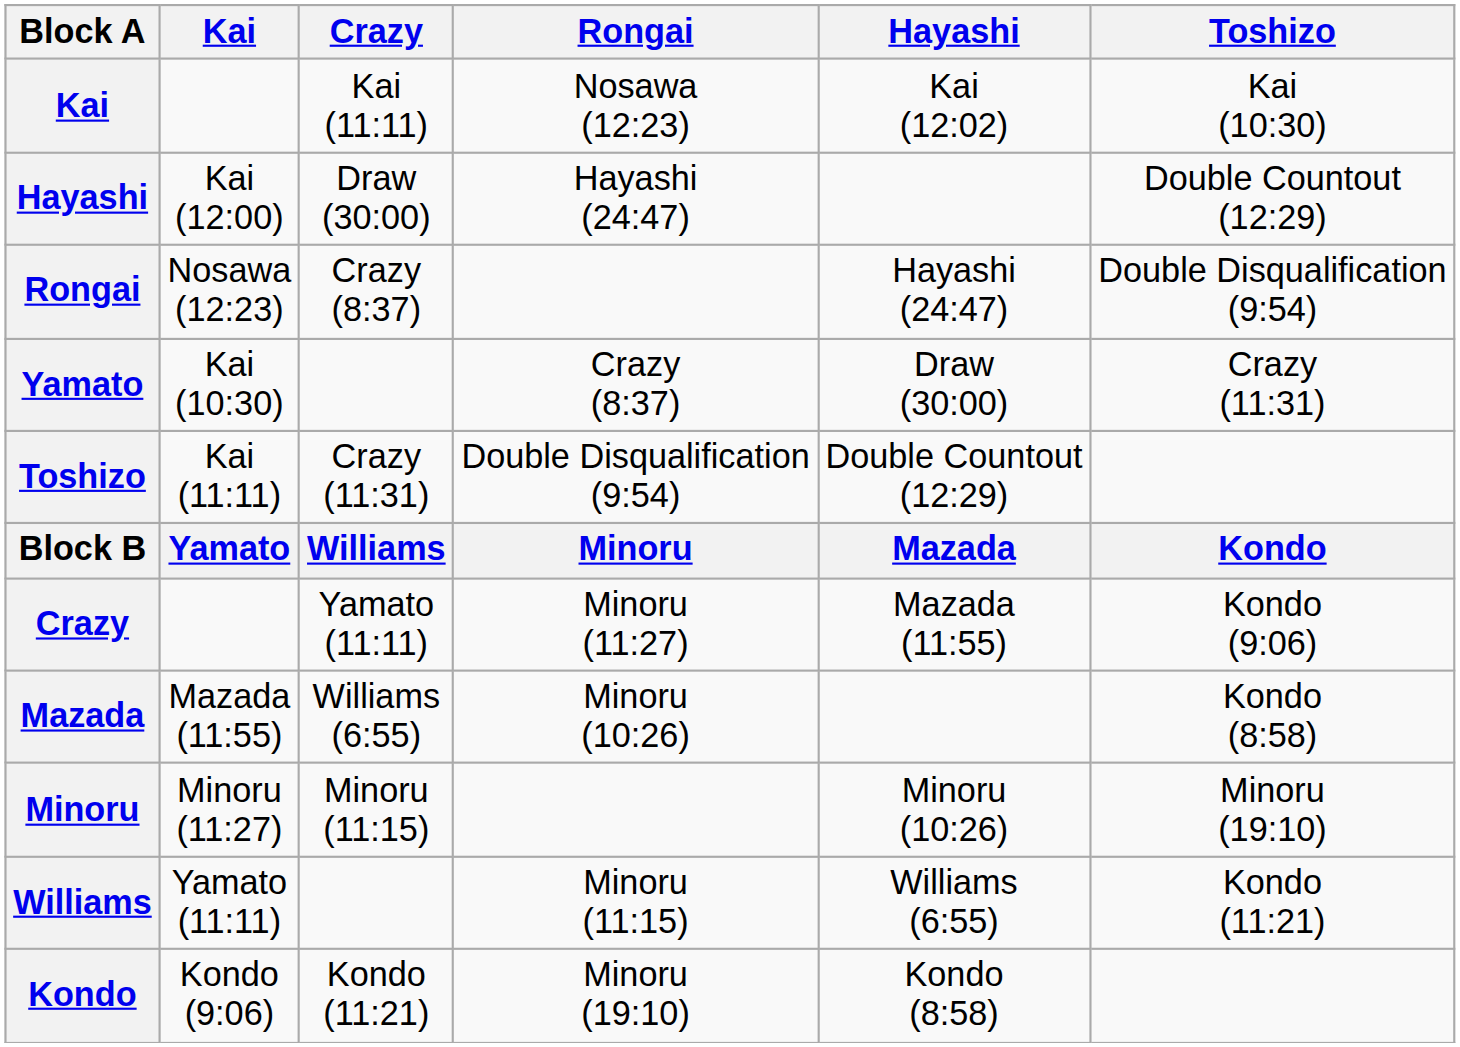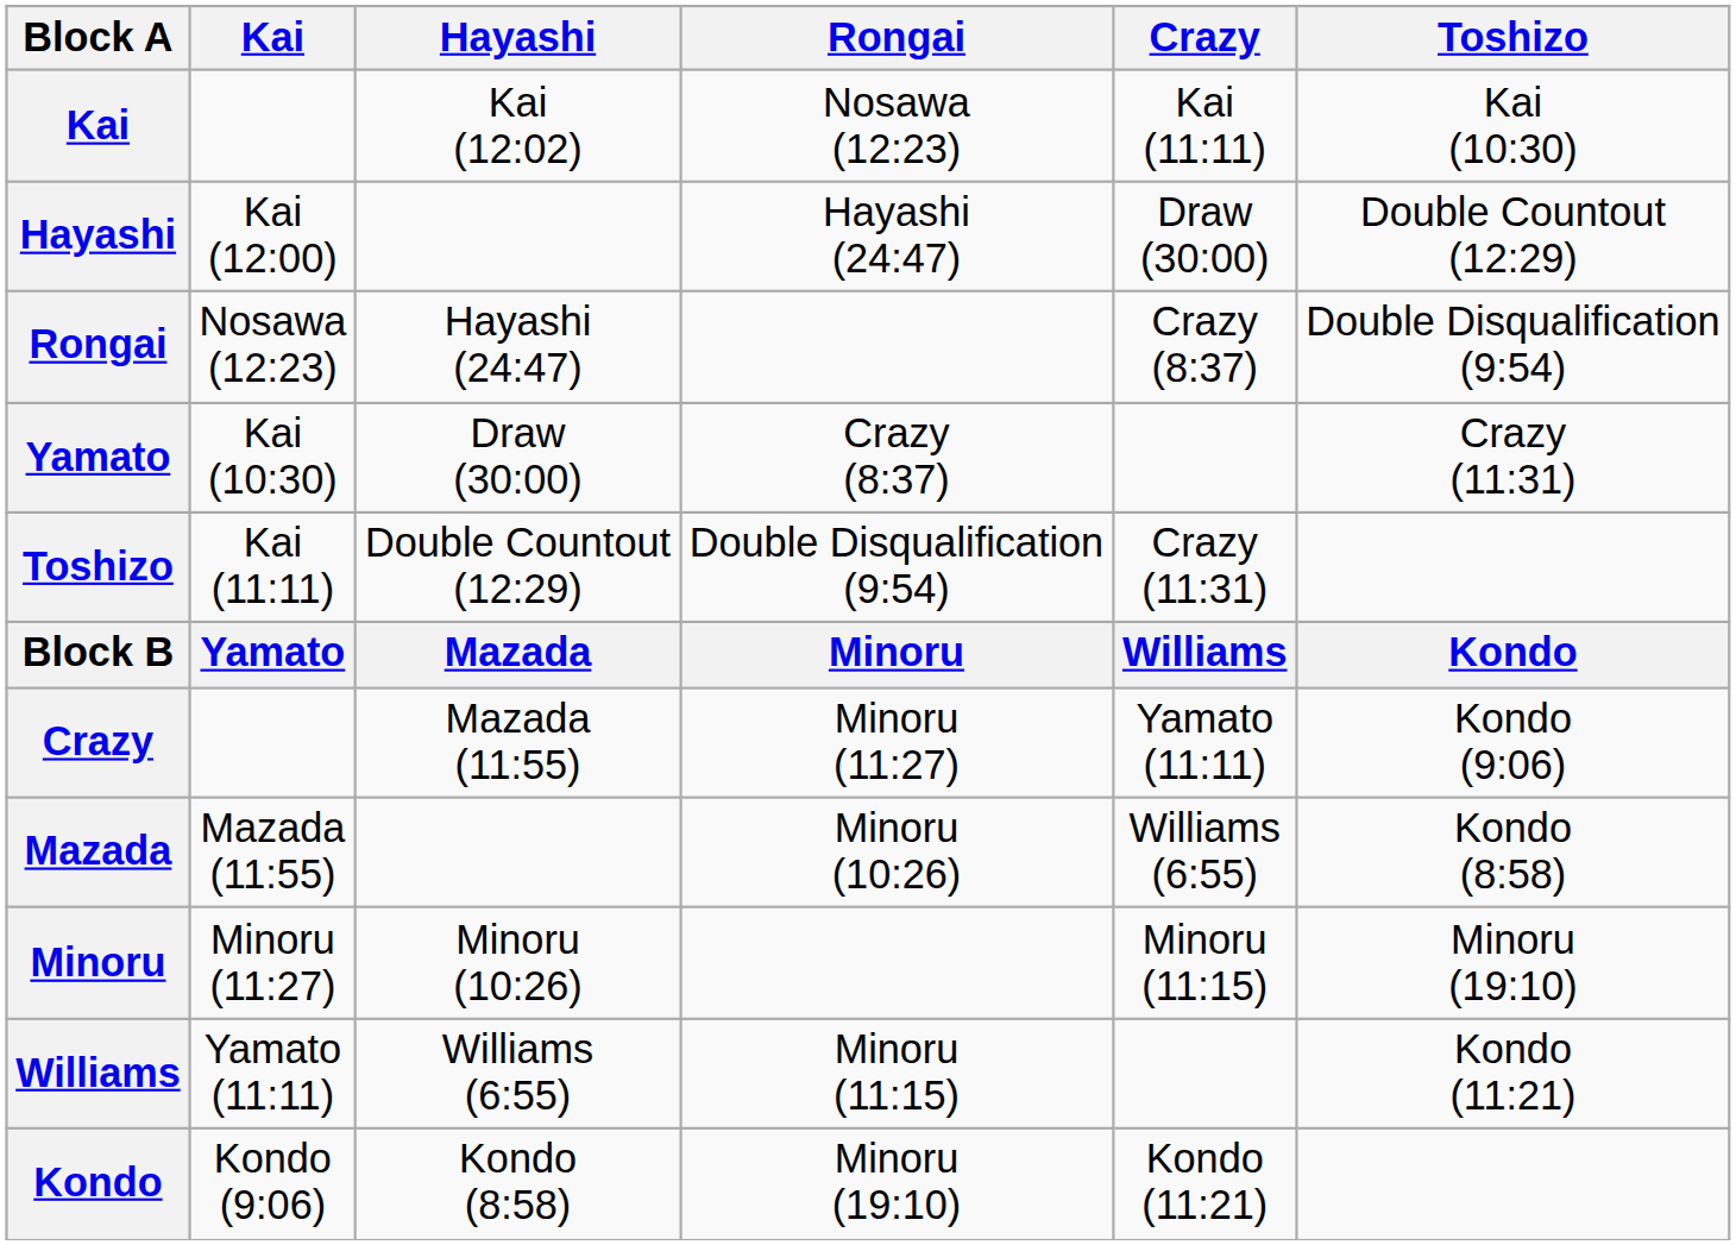 <table class="wikitable" style="margin: 1em auto 1em auto;text-align:center">
 <tr>
 <th>Block A</th>
 <th><a href='#'>Kai</a></th>
+<th><a href='#'>Hayashi</a></th>
+<th><a href='#'>Rongai</a></th>
 <th><a href='#'>Crazy</a></th>
-<th><a href='#'>Rongai</a></th>
-<th><a href='#'>Hayashi</a></th>
 <th><a href='#'>Toshizo</a></th>
 </tr>
 <tr>
 <th><a href='#'>Kai</a></th>
 <td></td>
+<td>Kai<br>(12:02)</td>
+<td>Nosawa<br>(12:23)</td>
 <td>Kai<br>(11:11)</td>
-<td>Nosawa<br>(12:23)</td>
-<td>Kai<br>(12:02)</td>
 <td>Kai<br>(10:30)</td>
 </tr>
 <tr>
 <th><a href='#'>Hayashi</a></th>
 <td>Kai<br>(12:00)</td>
+<td></td>
+<td>Hayashi<br>(24:47)</td>
 <td>Draw<br>(30:00)</td>
-<td>Hayashi<br>(24:47)</td>
-<td></td>
 <td>Double Countout<br>(12:29)</td>
 </tr>
 <tr>
 <th><a href='#'>Rongai</a></th>
 <td>Nosawa<br>(12:23)</td>
+<td>Hayashi<br>(24:47)</td>
+<td></td>
 <td>Crazy<br>(8:37)</td>
-<td></td>
-<td>Hayashi<br>(24:47)</td>
 <td>Double Disqualification<br>(9:54)</td>
 </tr>
 <tr>
 <th><a href='#'>Yamato</a></th>
 <td>Kai<br>(10:30)</td>
+<td>Draw<br>(30:00)</td>
+<td>Crazy<br>(8:37)</td>
 <td></td>
-<td>Crazy<br>(8:37)</td>
-<td>Draw<br>(30:00)</td>
 <td>Crazy<br>(11:31)</td>
 </tr>
 <tr>
 <th><a href='#'>Toshizo</a></th>
 <td>Kai<br>(11:11)</td>
+<td>Double Countout<br>(12:29)</td>
+<td>Double Disqualification<br>(9:54)</td>
 <td>Crazy<br>(11:31)</td>
-<td>Double Disqualification<br>(9:54)</td>
-<td>Double Countout<br>(12:29)</td>
 <td></td>
 </tr>
 <tr>
 <th>Block B</th>
 <th><a href='#'>Yamato</a></th>
+<th><a href='#'>Mazada</a></th>
+<th><a href='#'>Minoru</a></th>
 <th><a href='#'>Williams</a></th>
-<th><a href='#'>Minoru</a></th>
-<th><a href='#'>Mazada</a></th>
 <th><a href='#'>Kondo</a></th>
 </tr>
 <tr>
 <th><a href='#'>Crazy</a></th>
 <td></td>
+<td>Mazada<br>(11:55)</td>
+<td>Minoru<br>(11:27)</td>
 <td>Yamato<br>(11:11)</td>
-<td>Minoru<br>(11:27)</td>
-<td>Mazada<br>(11:55)</td>
 <td>Kondo<br>(9:06)</td>
 </tr>
 <tr>
 <th><a href='#'>Mazada</a></th>
 <td>Mazada<br>(11:55)</td>
+<td></td>
+<td>Minoru<br>(10:26)</td>
 <td>Williams<br>(6:55)</td>
-<td>Minoru<br>(10:26)</td>
-<td></td>
 <td>Kondo<br>(8:58)</td>
 </tr>
 <tr>
 <th><a href='#'>Minoru</a></th>
 <td>Minoru<br>(11:27)</td>
+<td>Minoru<br>(10:26)</td>
+<td></td>
 <td>Minoru<br>(11:15)</td>
-<td></td>
-<td>Minoru<br>(10:26)</td>
 <td>Minoru<br>(19:10)</td>
 </tr>
 <tr>
 <th><a href='#'>Williams</a></th>
 <td>Yamato<br>(11:11)</td>
+<td>Williams<br>(6:55)</td>
+<td>Minoru<br>(11:15)</td>
 <td></td>
-<td>Minoru<br>(11:15)</td>
-<td>Williams<br>(6:55)</td>
 <td>Kondo<br>(11:21)</td>
 </tr>
 <tr>
 <th><a href='#'>Kondo</a></th>
 <td>Kondo<br>(9:06)</td>
+<td>Kondo<br>(8:58)</td>
+<td>Minoru<br>(19:10)</td>
 <td>Kondo<br>(11:21)</td>
-<td>Minoru<br>(19:10)</td>
-<td>Kondo<br>(8:58)</td>
 <td></td>
 </tr>
 </table>
